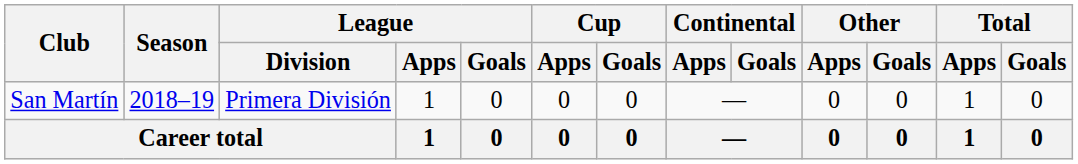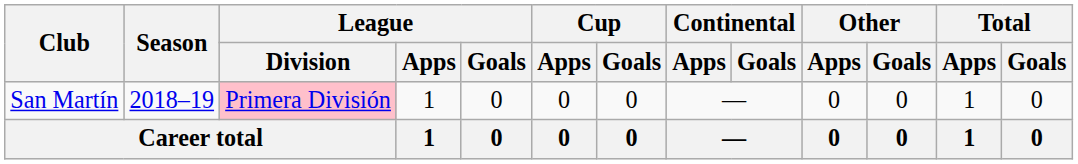 <table class="wikitable" style="text-align:center">
 <tr>
 <th rowspan="2">Club</th>
 <th rowspan="2">Season</th>
 <th colspan="3">League</th>
 <th colspan="2">Cup</th>
 <th colspan="2">Continental</th>
 <th colspan="2">Other</th>
 <th colspan="2">Total</th>
 </tr>
 <tr>
 <th>Division</th>
 <th>Apps</th>
 <th>Goals</th>
 <th>Apps</th>
 <th>Goals</th>
 <th>Apps</th>
 <th>Goals</th>
 <th>Apps</th>
 <th>Goals</th>
 <th>Apps</th>
 <th>Goals</th>
 </tr>
 <tr>
 <td rowspan="1"><a href='#'>San Martín</a></td>
 <td><a href='#'>2018–19</a></td>
-<td rowspan="1"><a href='#'>Primera División</a></td>
+<td rowspan="1" style="background: pink;"><a href='#'>Primera División</a></td>
 <td>1</td>
 <td>0</td>
 <td>0</td>
 <td>0</td>
 <td colspan="2">—</td>
 <td>0</td>
 <td>0</td>
 <td>1</td>
 <td>0</td>
 </tr>
 <tr>
 <th colspan="3">Career total</th>
 <th>1</th>
 <th>0</th>
 <th>0</th>
 <th>0</th>
 <th colspan="2">—</th>
 <th>0</th>
 <th>0</th>
 <th>1</th>
 <th>0</th>
 </tr>
 </table>
